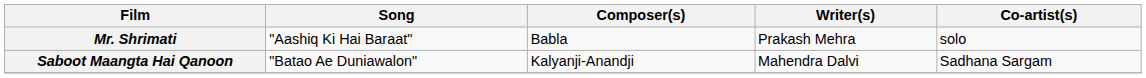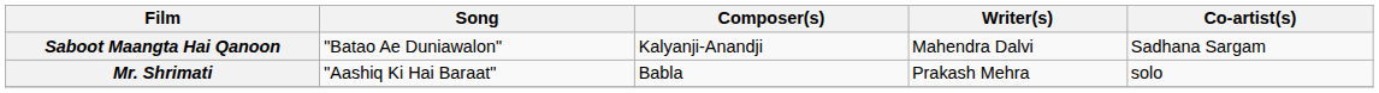 <table class="wikitable plainrowheaders" width="100%" textcolor:#000;">
 <tr style="background:#b0e0e66;">
 <th scope="col" width=23%><strong>Film</strong></th>
 <th scope="col" width=23%><strong>Song</strong></th>
 <th scope="col" width=20%><strong>Composer(s)</strong></th>
 <th scope="col" width=16%><strong>Writer(s)</strong></th>
 <th scope="col" width=18%><strong>Co-artist(s)</strong></th>
 </tr>
 <tr>
+<th><em>Saboot Maangta Hai Qanoon</em></th>
+<td>"Batao Ae Duniawalon"</td>
+<td>Kalyanji-Anandji</td>
+<td>Mahendra Dalvi</td>
+<td>Sadhana Sargam</td>
+</tr>
+<tr>
 <th><em>Mr. Shrimati</em></th>
 <td>"Aashiq Ki Hai Baraat"</td>
 <td>Babla</td>
 <td>Prakash Mehra</td>
 <td>solo</td>
 </tr>
 <tr>
-<th><em>Saboot Maangta Hai Qanoon</em></th>
-<td>"Batao Ae Duniawalon"</td>
-<td>Kalyanji-Anandji</td>
-<td>Mahendra Dalvi</td>
-<td>Sadhana Sargam</td>
-</tr>
-<tr>
 </tr>
 </table>
